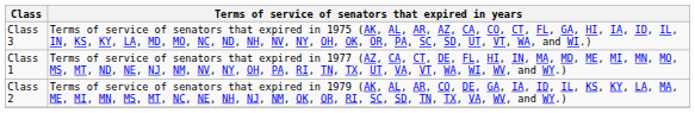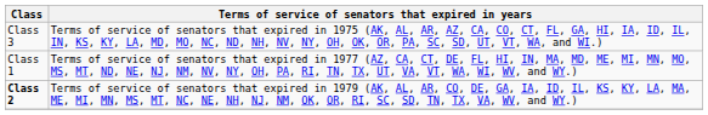 <table class="wikitable sortable">
 <tr valign=bottom>
 <th>Class</th>
 <th>Terms of service of senators that expired in years</th>
 </tr>
 <tr>
 <td>Class 3</td>
 <td>Terms of service of senators that expired in 1975 (<a href='#'>AK</a>, <a href='#'>AL</a>, <a href='#'>AR</a>, <a href='#'>AZ</a>, <a href='#'>CA</a>, <a href='#'>CO</a>, <a href='#'>CT</a>, <a href='#'>FL</a>, <a href='#'>GA</a>, <a href='#'>HI</a>, <a href='#'>IA</a>, <a href='#'>ID</a>, <a href='#'>IL</a>, <a href='#'>IN</a>,  <a href='#'>KS</a>, <a href='#'>KY</a>, <a href='#'>LA</a>, <a href='#'>MD</a>, <a href='#'>MO</a>, <a href='#'>NC</a>, <a href='#'>ND</a>, <a href='#'>NH</a>, <a href='#'>NV</a>, <a href='#'>NY</a>, <a href='#'>OH</a>, <a href='#'>OK</a>, <a href='#'>OR</a>, <a href='#'>PA</a>, <a href='#'>SC</a>, <a href='#'>SD</a>, <a href='#'>UT</a>, <a href='#'>VT</a>, <a href='#'>WA</a>, and <a href='#'>WI</a>.)</td>
 </tr>
 <tr>
 <td>Class 1</td>
 <td>Terms of service of senators that expired in 1977 (<a href='#'>AZ</a>, <a href='#'>CA</a>, <a href='#'>CT</a>, <a href='#'>DE</a>, <a href='#'>FL</a>, <a href='#'>HI</a>, <a href='#'>IN</a>, <a href='#'>MA</a>, <a href='#'>MD</a>, <a href='#'>ME</a>, <a href='#'>MI</a>, <a href='#'>MN</a>, <a href='#'>MO</a>, <a href='#'>MS</a>, <a href='#'>MT</a>, <a href='#'>ND</a>, <a href='#'>NE</a>, <a href='#'>NJ</a>, <a href='#'>NM</a>, <a href='#'>NV</a>, <a href='#'>NY</a>, <a href='#'>OH</a>, <a href='#'>PA</a>, <a href='#'>RI</a>, <a href='#'>TN</a>, <a href='#'>TX</a>, <a href='#'>UT</a>, <a href='#'>VA</a>, <a href='#'>VT</a>, <a href='#'>WA</a>, <a href='#'>WI</a>, <a href='#'>WV</a>, and <a href='#'>WY</a>.)</td>
 </tr>
 <tr>
-<td>Class 2</td>
+<td><strong>Class 2</strong></td>
 <td>Terms of service of senators that expired in 1979 (<a href='#'>AK</a>, <a href='#'>AL</a>, <a href='#'>AR</a>, <a href='#'>CO</a>, <a href='#'>DE</a>, <a href='#'>GA</a>, <a href='#'>IA</a>, <a href='#'>ID</a>, <a href='#'>IL</a>, <a href='#'>KS</a>, <a href='#'>KY</a>, <a href='#'>LA</a>, <a href='#'>MA</a>, <a href='#'>ME</a>, <a href='#'>MI</a>, <a href='#'>MN</a>, <a href='#'>MS</a>, <a href='#'>MT</a>, <a href='#'>NC</a>, <a href='#'>NE</a>, <a href='#'>NH</a>, <a href='#'>NJ</a>, <a href='#'>NM</a>, <a href='#'>OK</a>, <a href='#'>OR</a>, <a href='#'>RI</a>, <a href='#'>SC</a>, <a href='#'>SD</a>, <a href='#'>TN</a>, <a href='#'>TX</a>, <a href='#'>VA</a>, <a href='#'>WV</a>, and <a href='#'>WY</a>.)</td>
 </tr>
 <tr>
 </tr>
 </table>
